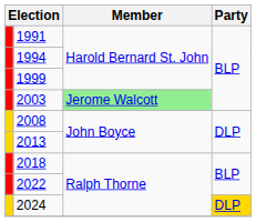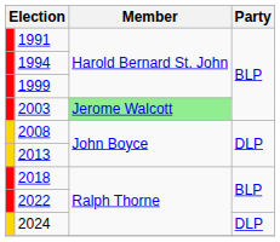 <table class="wikitable">
 <tr>
 <th colspan="2">Election</th>
 <th>Member</th>
 <th>Party</th>
 </tr>
 <tr>
 <td style="background-color: red"></td>
 <td><a href='#'>1991</a></td>
 <td rowspan="3"><a href='#'>Harold Bernard St. John</a></td>
 <td rowspan="4"><a href='#'>BLP</a></td>
 </tr>
 <tr>
 <td style="background-color: red"></td>
 <td><a href='#'>1994</a></td>
 </tr>
 <tr>
 <td style="background-color: red"></td>
 <td><a href='#'>1999</a></td>
 </tr>
 <tr>
 <td style="background-color: red"></td>
 <td><a href='#'>2003</a></td>
 <td style="background: lightgreen;"><a href='#'>Jerome Walcott</a></td>
 </tr>
 <tr>
 <td style="background-color: #FFD700"></td>
 <td><a href='#'>2008</a></td>
 <td rowspan="2"><a href='#'>John Boyce</a></td>
 <td rowspan="2"><a href='#'>DLP</a></td>
 </tr>
 <tr>
 <td style="background-color: #FFD700"></td>
 <td><a href='#'>2013</a></td>
 </tr>
 <tr>
 <td style="background-color: red"></td>
 <td><a href='#'>2018</a></td>
 <td rowspan="3"><a href='#'>Ralph Thorne</a></td>
 <td rowspan="2"><a href='#'>BLP</a></td>
 </tr>
 <tr>
 <td style="background-color: red"></td>
 <td><a href='#'>2022</a></td>
 </tr>
 <tr>
 <td style="background-color: #FFD700"></td>
 <td>2024</td>
-<td style="background: gold;"><a href='#'>DLP</a></td>
+<td><a href='#'>DLP</a></td>
 </tr>
 <tr>
 </tr>
 </table>
